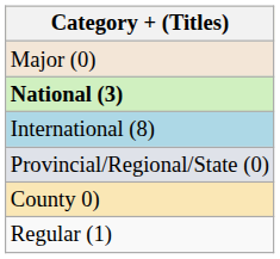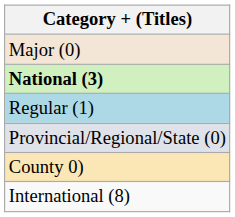 <table class="wikitable" style="display:inline-table;">
 <tr style="background:#ffc;">
 <th>Category + (Titles)</th>
 </tr>
 <tr style="background:#f3e6d7">
 <td>Major (0)</td>
 </tr>
 <tr style="background:#d0f0c0">
 <td><strong>National (3)</strong></td>
 </tr>
 <tr style="background:#add8e6">
-<td>International (8)</td>
+<td>Regular (1)</td>
 </tr>
 <tr style="background:#dfe2e9">
 <td>Provincial/Regional/State (0)</td>
 </tr>
 <tr style="background:#fae7b5">
 <td>County 0)</td>
 </tr>
 <tr>
-<td>Regular (1)</td>
+<td>International (8)</td>
 </tr>
 </table>
